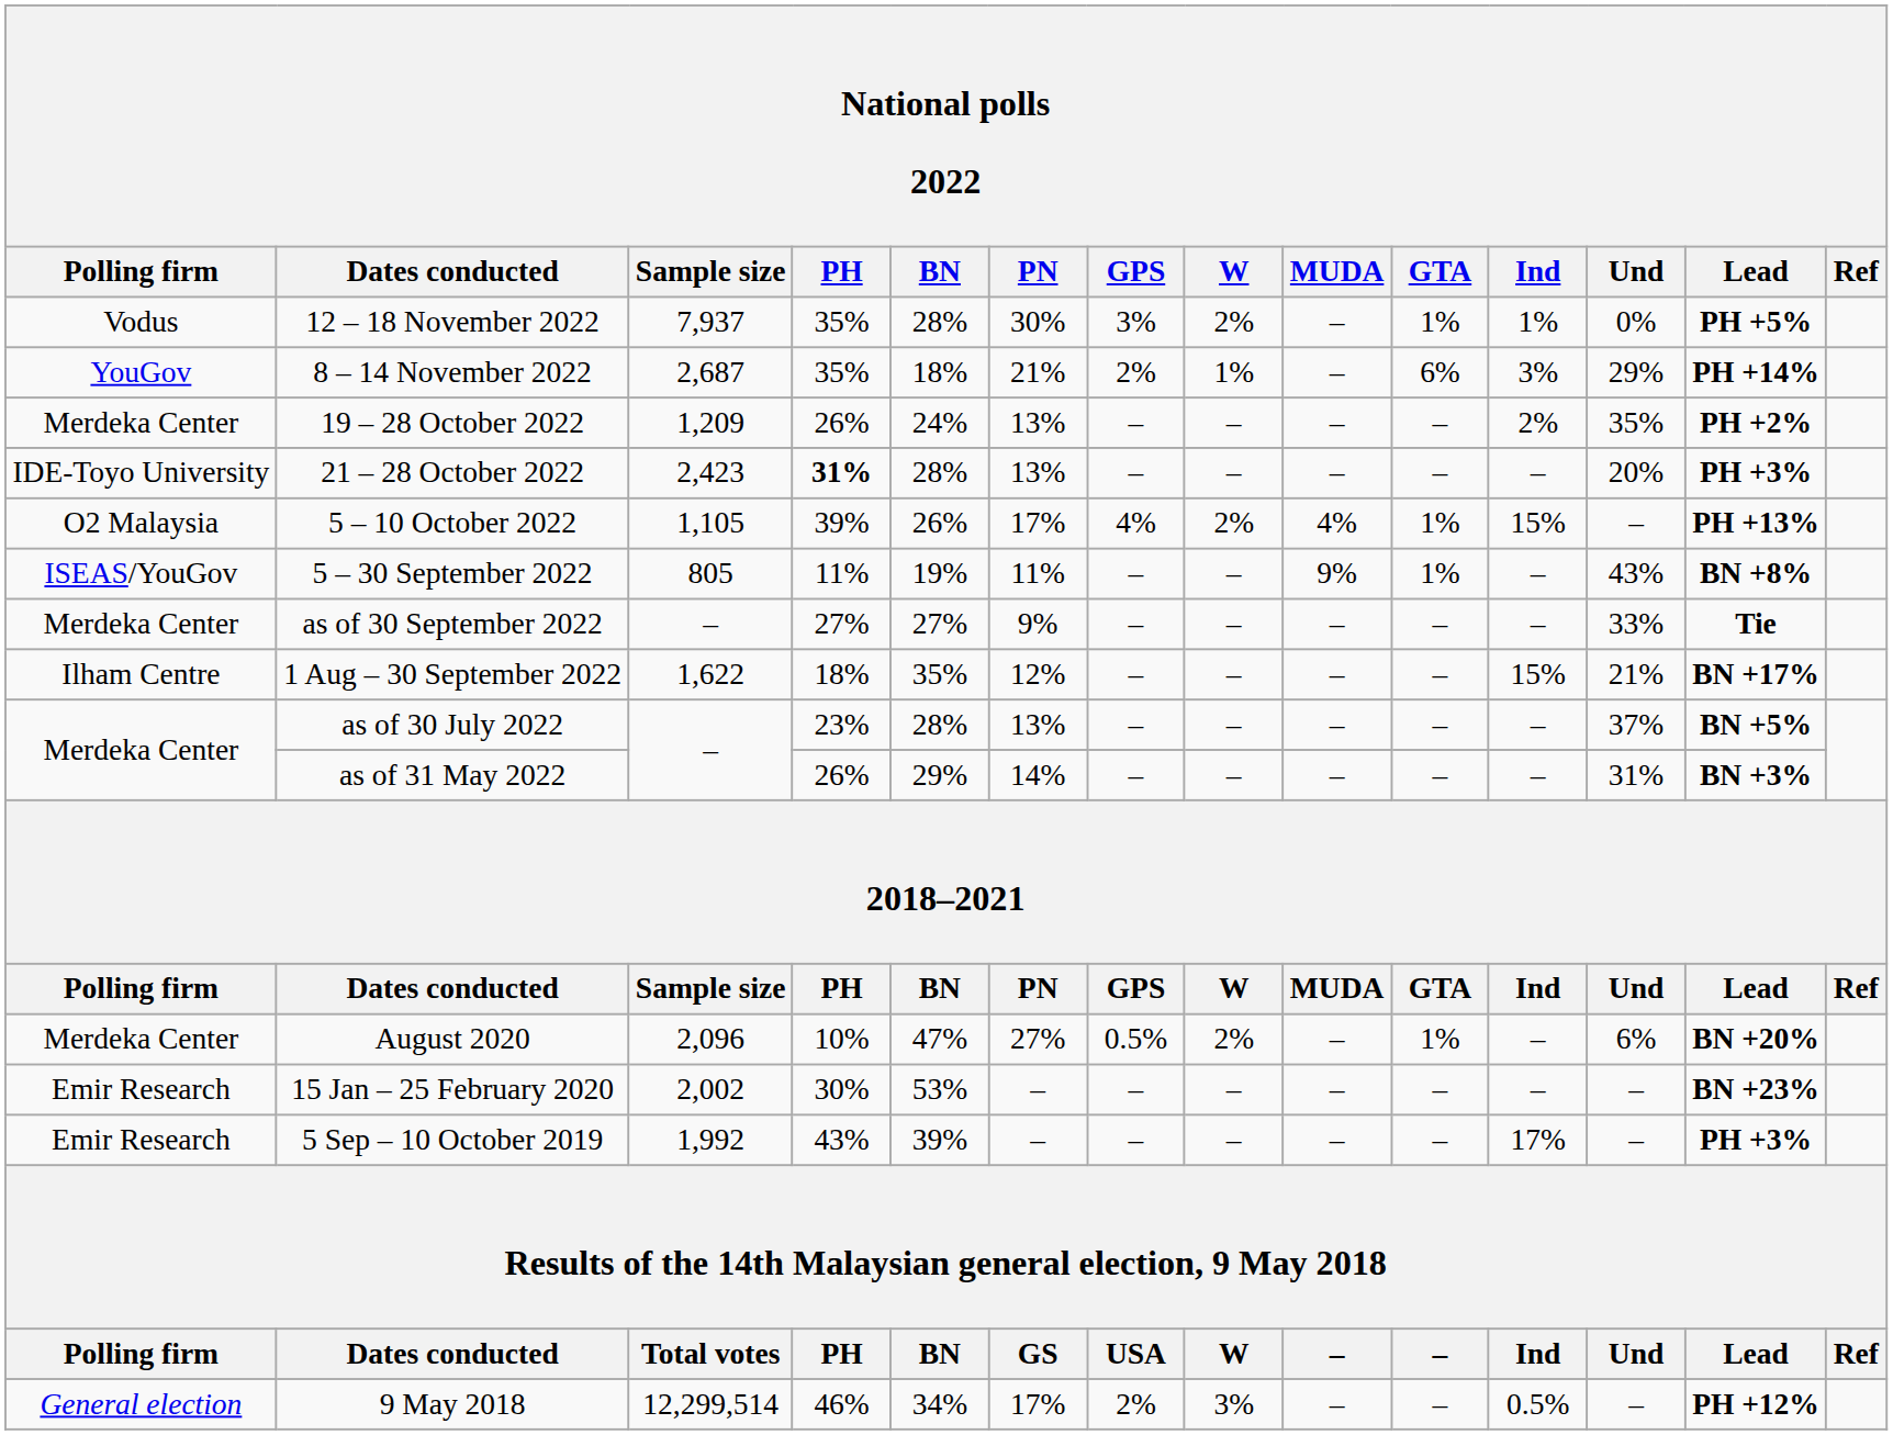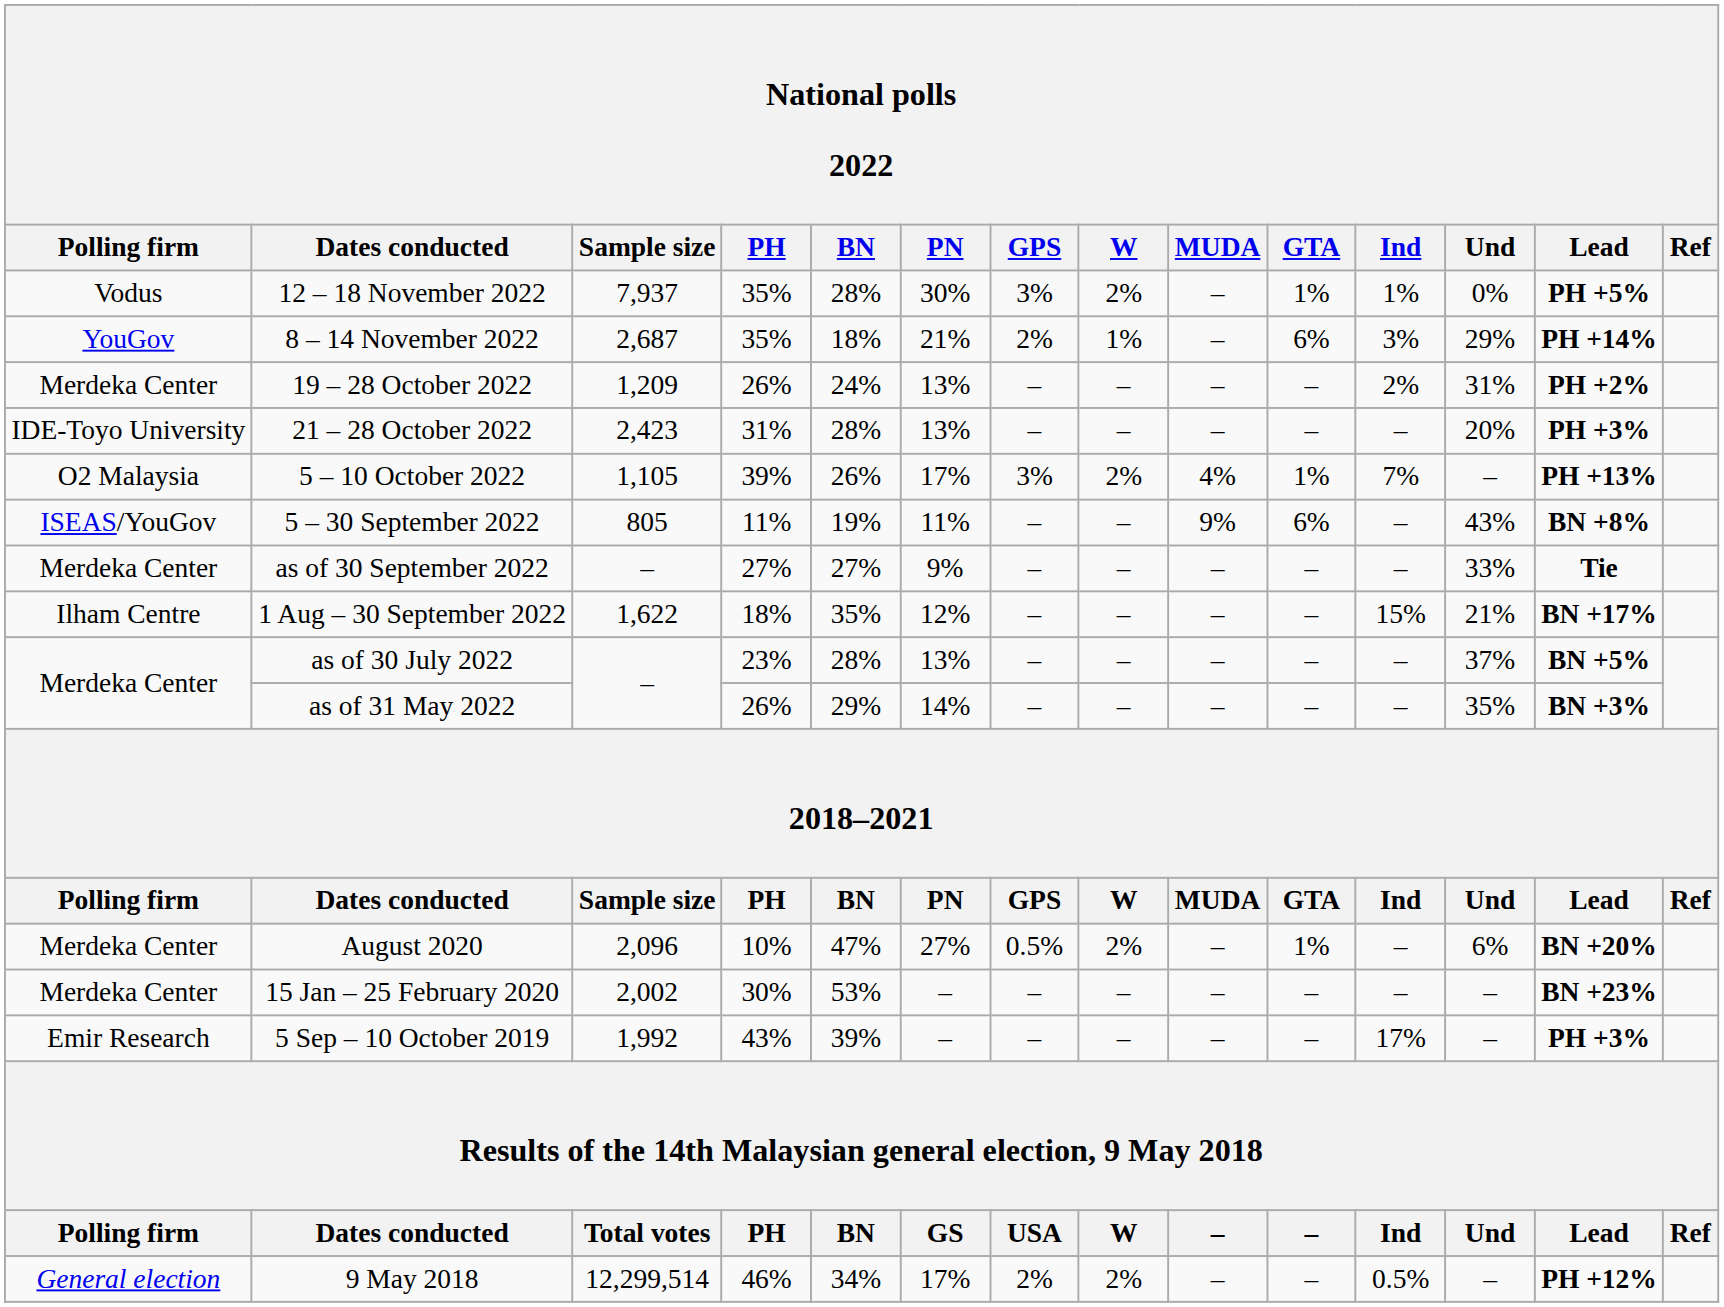 <table class="wikitable unsortable" style="text-align:center ;font-size:90%;line-height:1.2">
 <tr>
 <th colspan=15><br><h3>National polls</h3><h3>2022</h3></th>
 </tr>
 <tr>
 <th>Polling firm</th>
 <th>Dates conducted</th>
 <th>Sample size</th>
 <th style=width:40px><a href='#'>PH</a></th>
 <th style=width:40px><a href='#'>BN</a></th>
 <th style=width:40px><a href='#'>PN</a></th>
 <th style=width:40px><a href='#'>GPS</a></th>
 <th style=width:40px><a href='#'>W</a></th>
 <th style=width:40px><a href='#'>MUDA</a></th>
 <th style=width:40px><a href='#'>GTA</a></th>
 <th style=width:40px><a href='#'>Ind</a></th>
 <th style=width:40px>Und</th>
 <th>Lead</th>
 <th>Ref</th>
 </tr>
 <tr>
 <td>Vodus</td>
 <td>12 – 18 November 2022</td>
 <td>7,937</td>
 <td>35%</td>
 <td>28%</td>
 <td>30%</td>
 <td>3%</td>
 <td>2%</td>
 <td>–</td>
 <td>1%</td>
 <td>1%</td>
 <td>0%</td>
 <td><strong>PH +5%</strong></td>
 <td></td>
 </tr>
 <tr>
 <td><a href='#'>YouGov</a></td>
 <td>8 – 14 November 2022</td>
 <td>2,687</td>
 <td>35%</td>
 <td>18%</td>
 <td>21%</td>
 <td>2%</td>
 <td>1%</td>
 <td>–</td>
 <td>6%</td>
 <td>3%</td>
 <td>29%</td>
 <td><strong>PH +14%</strong></td>
 <td></td>
 </tr>
 <tr>
 <td>Merdeka Center</td>
 <td>19 – 28 October 2022</td>
 <td>1,209</td>
 <td>26%</td>
 <td>24%</td>
 <td>13%</td>
 <td>–</td>
 <td>–</td>
 <td>–</td>
 <td>–</td>
 <td>2%</td>
-<td>35%</td>
+<td>31%</td>
 <td><strong>PH +2%</strong></td>
 <td></td>
 </tr>
 <tr>
 <td>IDE-Toyo University</td>
 <td>21 – 28 October 2022</td>
 <td>2,423</td>
-<td><strong>31%</strong></td>
+<td>31%</td>
 <td>28%</td>
 <td>13%</td>
 <td>–</td>
 <td>–</td>
 <td>–</td>
 <td>–</td>
 <td>–</td>
 <td>20%</td>
 <td><strong>PH +3%</strong></td>
 <td></td>
 </tr>
 <tr>
 <td>O2 Malaysia</td>
 <td>5 – 10 October 2022</td>
 <td>1,105</td>
 <td>39%</td>
 <td>26%</td>
 <td>17%</td>
-<td>4%</td>
+<td>3%</td>
 <td>2%</td>
 <td>4%</td>
 <td>1%</td>
-<td>15%</td>
+<td>7%</td>
 <td>–</td>
 <td><strong>PH +13%</strong></td>
 <td></td>
 </tr>
 <tr>
 <td><a href='#'>ISEAS</a>/YouGov</td>
 <td>5 – 30 September 2022</td>
 <td>805</td>
 <td>11%</td>
 <td>19%</td>
 <td>11%</td>
 <td>–</td>
 <td>–</td>
 <td>9%</td>
-<td>1%</td>
+<td>6%</td>
 <td>–</td>
 <td>43%</td>
 <td><strong>BN +8%</strong></td>
 <td></td>
 </tr>
 <tr>
 <td>Merdeka Center</td>
 <td>as of 30 September 2022</td>
 <td>–</td>
 <td>27%</td>
 <td>27%</td>
 <td>9%</td>
 <td>–</td>
 <td>–</td>
 <td>–</td>
 <td>–</td>
 <td>–</td>
 <td>33%</td>
 <td><strong>Tie</strong></td>
 <td></td>
 </tr>
 <tr>
 <td>Ilham Centre</td>
 <td>1 Aug – 30 September 2022</td>
 <td>1,622</td>
 <td>18%</td>
 <td>35%</td>
 <td>12%</td>
 <td>–</td>
 <td>–</td>
 <td>–</td>
 <td>–</td>
 <td>15%</td>
 <td>21%</td>
 <td><strong>BN +17%</strong></td>
 <td></td>
 </tr>
 <tr>
 <td rowspan="2">Merdeka Center</td>
 <td>as of 30 July 2022</td>
 <td rowspan="2">–</td>
 <td>23%</td>
 <td>28%</td>
 <td>13%</td>
 <td>–</td>
 <td>–</td>
 <td>–</td>
 <td>–</td>
 <td>–</td>
 <td>37%</td>
 <td><strong>BN +5%</strong></td>
 <td rowspan="2"></td>
 </tr>
 <tr>
 <td>as of 31 May 2022</td>
 <td>26%</td>
 <td>29%</td>
 <td>14%</td>
 <td>–</td>
 <td>–</td>
 <td>–</td>
 <td>–</td>
 <td>–</td>
-<td>31%</td>
+<td>35%</td>
 <td><strong>BN +3%</strong></td>
 </tr>
 <tr>
 <th colspan="15"><br><h3>2018–2021</h3></th>
 </tr>
 <tr>
 <th>Polling firm</th>
 <th>Dates conducted</th>
 <th>Sample size</th>
 <th>PH</th>
 <th>BN</th>
 <th>PN</th>
 <th>GPS</th>
 <th>W</th>
 <th>MUDA</th>
 <th>GTA</th>
 <th>Ind</th>
 <th>Und</th>
 <th>Lead</th>
 <th>Ref</th>
 </tr>
 <tr>
 <td>Merdeka Center</td>
 <td>August 2020</td>
 <td>2,096</td>
 <td>10%</td>
 <td>47%</td>
 <td>27%</td>
 <td>0.5%</td>
 <td>2%</td>
 <td>–</td>
 <td>1%</td>
 <td>–</td>
 <td>6%</td>
 <td><strong>BN +20%</strong></td>
 <td></td>
 </tr>
 <tr>
-<td>Emir Research</td>
+<td>Merdeka Center</td>
 <td>15 Jan – 25 February 2020</td>
 <td>2,002</td>
 <td>30%</td>
 <td>53%</td>
 <td>–</td>
 <td>–</td>
 <td>–</td>
 <td>–</td>
 <td>–</td>
 <td>–</td>
 <td>–</td>
 <td><strong>BN +23%</strong></td>
 <td></td>
 </tr>
 <tr>
 <td>Emir Research</td>
 <td>5 Sep – 10 October 2019</td>
 <td>1,992</td>
 <td>43%</td>
 <td>39%</td>
 <td>–</td>
 <td>–</td>
 <td>–</td>
 <td>–</td>
 <td>–</td>
 <td>17%</td>
 <td>–</td>
 <td><strong>PH +3%</strong></td>
 <td></td>
 </tr>
 <tr>
 <th colspan="15"><br><h3>Results of the 14th Malaysian general election, 9 May 2018</h3></th>
 </tr>
 <tr>
 <th>Polling firm</th>
 <th>Dates conducted</th>
 <th>Total votes</th>
 <th>PH</th>
 <th>BN</th>
 <th>GS</th>
 <th>USA</th>
 <th>W</th>
 <th>–</th>
 <th>–</th>
 <th>Ind</th>
 <th>Und</th>
 <th>Lead</th>
 <th>Ref</th>
 </tr>
 <tr>
 <td><em><a href='#'>General election</a></em></td>
 <td>9 May 2018</td>
 <td>12,299,514</td>
 <td>46%</td>
 <td>34%</td>
 <td>17%</td>
 <td>2%</td>
-<td>3%</td>
+<td>2%</td>
 <td>–</td>
 <td>–</td>
 <td>0.5%</td>
 <td>–</td>
 <td><strong>PH +12%</strong></td>
 <td></td>
 </tr>
 </table>
